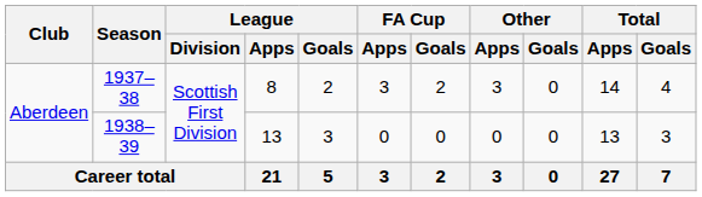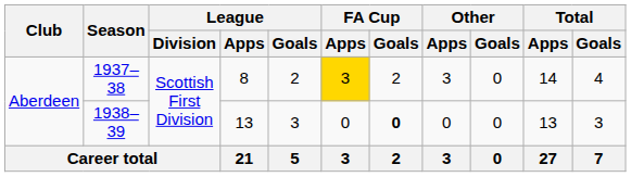 <table class="wikitable" style="text-align:center">
 <tr>
 <th rowspan="2">Club</th>
 <th rowspan="2">Season</th>
 <th colspan="3">League</th>
 <th colspan="2">FA Cup</th>
 <th colspan="2">Other</th>
 <th colspan="2">Total</th>
 </tr>
 <tr>
 <th>Division</th>
 <th>Apps</th>
 <th>Goals</th>
 <th>Apps</th>
 <th>Goals</th>
 <th>Apps</th>
 <th>Goals</th>
 <th>Apps</th>
 <th>Goals</th>
 </tr>
 <tr>
 <td rowspan="2"><a href='#'>Aberdeen</a></td>
 <td><a href='#'>1937–38</a></td>
 <td rowspan="2"><a href='#'>Scottish First Division</a></td>
 <td>8</td>
 <td>2</td>
-<td>3</td>
+<td style="background: gold;">3</td>
 <td>2</td>
 <td>3</td>
 <td>0</td>
 <td>14</td>
 <td>4</td>
 </tr>
 <tr>
 <td><a href='#'>1938–39</a></td>
 <td>13</td>
 <td>3</td>
 <td>0</td>
-<td>0</td>
+<td><strong>0</strong></td>
 <td>0</td>
 <td>0</td>
 <td>13</td>
 <td>3</td>
 </tr>
 <tr>
 <th colspan="3">Career total</th>
 <th>21</th>
 <th>5</th>
 <th>3</th>
 <th>2</th>
 <th>3</th>
 <th>0</th>
 <th>27</th>
 <th>7</th>
 </tr>
 </table>
